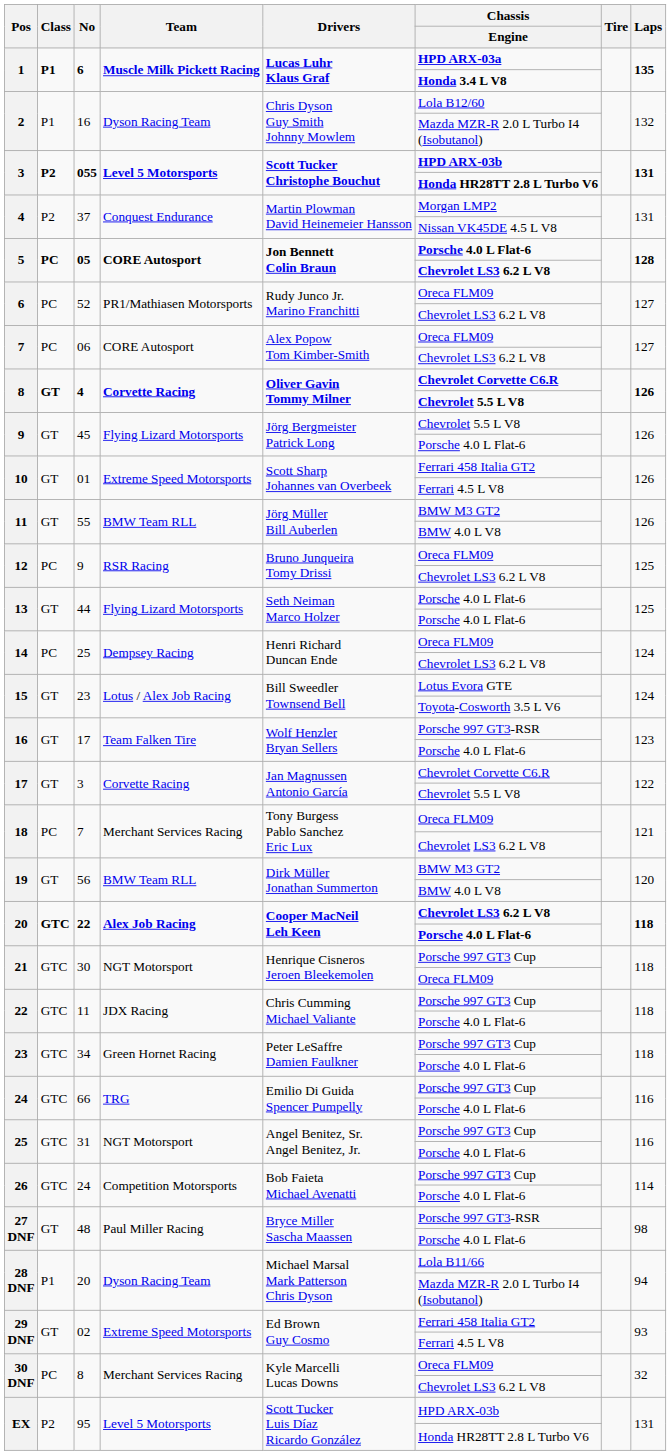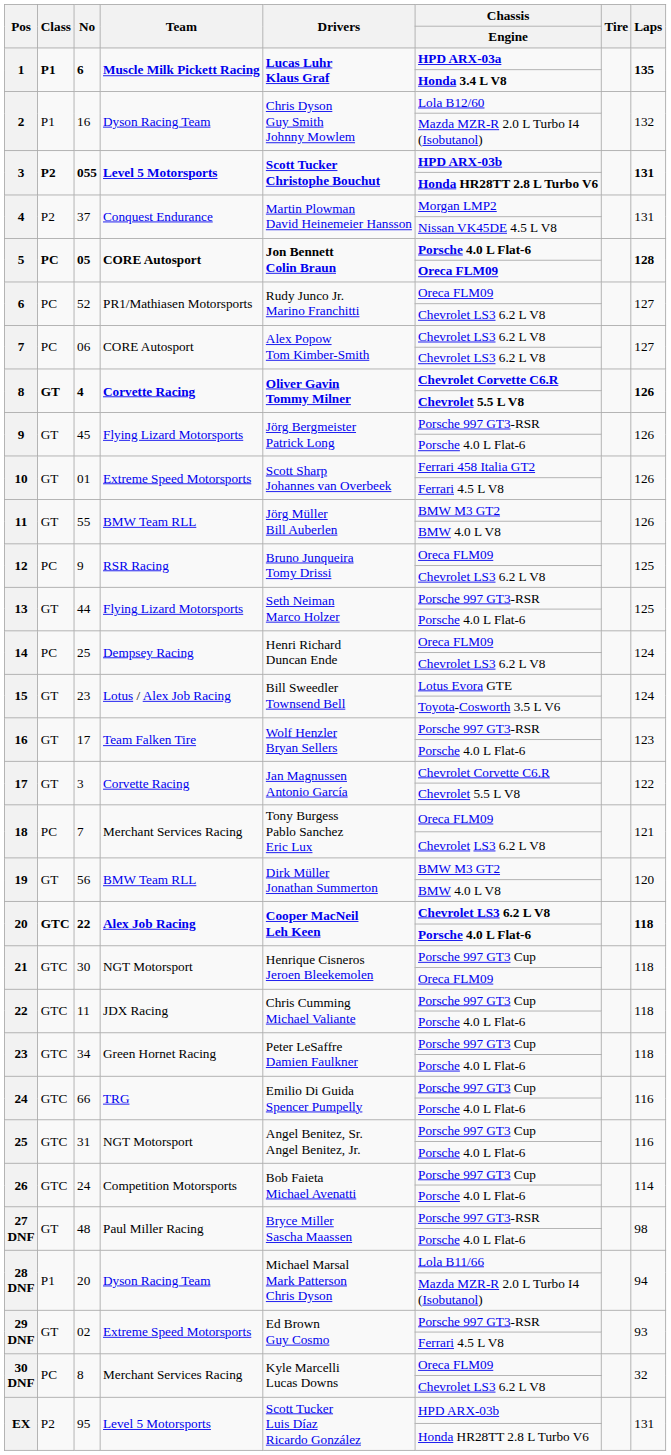 <table class="wikitable" style="font-size: 95%;">
 <tr>
 <th rowspan=2>Pos</th>
 <th rowspan=2>Class</th>
 <th rowspan=2>No</th>
 <th rowspan=2>Team</th>
 <th rowspan=2>Drivers</th>
 <th>Chassis</th>
 <th rowspan=2>Tire</th>
 <th rowspan=2>Laps</th>
 </tr>
 <tr>
 <th>Engine</th>
 </tr>
 <tr style="font-weight:bold">
 <th rowspan=2>1</th>
 <td rowspan=2>P1</td>
 <td rowspan=2>6</td>
 <td rowspan=2> <a href='#'>Muscle Milk Pickett Racing</a></td>
 <td rowspan=2> <a href='#'>Lucas Luhr</a><br> <a href='#'>Klaus Graf</a></td>
 <td><a href='#'>HPD ARX-03a</a></td>
 <td rowspan=2></td>
 <td rowspan=2>135</td>
 </tr>
 <tr style="font-weight:bold">
 <td><a href='#'>Honda</a> 3.4 L V8</td>
 </tr>
 <tr>
 <th rowspan=2>2</th>
 <td rowspan=2>P1</td>
 <td rowspan=2>16</td>
 <td rowspan=2> <a href='#'>Dyson Racing Team</a></td>
 <td rowspan=2> <a href='#'>Chris Dyson</a><br> <a href='#'>Guy Smith</a><br>  <a href='#'>Johnny Mowlem</a></td>
 <td><a href='#'>Lola B12/60</a></td>
 <td rowspan=2></td>
 <td rowspan=2>132</td>
 </tr>
 <tr>
 <td><a href='#'>Mazda MZR-R</a> 2.0 L Turbo I4<br>(<a href='#'>Isobutanol</a>)</td>
 </tr>
 <tr style="font-weight:bold">
 <th rowspan=2>3</th>
 <td rowspan=2>P2</td>
 <td rowspan=2>055</td>
 <td rowspan=2> <a href='#'>Level 5 Motorsports</a></td>
 <td rowspan=2> <a href='#'>Scott Tucker</a><br> <a href='#'>Christophe Bouchut</a></td>
 <td><a href='#'>HPD ARX-03b</a></td>
 <td rowspan=2></td>
 <td rowspan=2>131</td>
 </tr>
 <tr style="font-weight:bold">
 <td><a href='#'>Honda</a> HR28TT 2.8 L Turbo V6</td>
 </tr>
 <tr>
 <th rowspan=2>4</th>
 <td rowspan=2>P2</td>
 <td rowspan=2>37</td>
 <td rowspan=2> <a href='#'>Conquest Endurance</a></td>
 <td rowspan=2> <a href='#'>Martin Plowman</a><br> <a href='#'>David Heinemeier Hansson</a></td>
 <td><a href='#'>Morgan LMP2</a></td>
 <td rowspan=2></td>
 <td rowspan=2>131</td>
 </tr>
 <tr>
 <td><a href='#'>Nissan VK45DE</a> 4.5 L V8</td>
 </tr>
 <tr style="font-weight:bold">
 <th rowspan=2>5</th>
 <td rowspan=2>PC</td>
 <td rowspan=2>05</td>
 <td rowspan=2> CORE Autosport</td>
 <td rowspan=2> Jon Bennett<br> <a href='#'>Colin Braun</a></td>
 <td><a href='#'>Porsche</a> 4.0 L Flat-6</td>
 <td rowspan=2></td>
 <td rowspan=2>128</td>
 </tr>
 <tr style="font-weight:bold">
-<td><a href='#'>Chevrolet LS3</a> 6.2 L V8</td>
+<td><a href='#'>Oreca FLM09</a></td>
 </tr>
 <tr>
 <th rowspan=2>6</th>
 <td rowspan=2>PC</td>
 <td rowspan=2>52</td>
 <td rowspan=2> PR1/Mathiasen Motorsports</td>
 <td rowspan=2> Rudy Junco Jr.<br> <a href='#'>Marino Franchitti</a></td>
 <td><a href='#'>Oreca FLM09</a></td>
 <td rowspan=2></td>
 <td rowspan=2>127</td>
 </tr>
 <tr>
 <td><a href='#'>Chevrolet LS3</a> 6.2 L V8</td>
 </tr>
 <tr>
 <th rowspan=2>7</th>
 <td rowspan=2>PC</td>
 <td rowspan=2>06</td>
 <td rowspan=2> CORE Autosport</td>
 <td rowspan=2> <a href='#'>Alex Popow</a><br> <a href='#'>Tom Kimber-Smith</a></td>
-<td><a href='#'>Oreca FLM09</a></td>
+<td><a href='#'>Chevrolet LS3</a> 6.2 L V8</td>
 <td rowspan=2></td>
 <td rowspan=2>127</td>
 </tr>
 <tr>
 <td><a href='#'>Chevrolet LS3</a> 6.2 L V8</td>
 </tr>
 <tr style="font-weight:bold">
 <th rowspan=2>8</th>
 <td rowspan=2>GT</td>
 <td rowspan=2>4</td>
 <td rowspan=2> <a href='#'>Corvette Racing</a></td>
 <td rowspan=2> <a href='#'>Oliver Gavin</a><br> <a href='#'>Tommy Milner</a></td>
 <td><a href='#'>Chevrolet Corvette C6.R</a></td>
 <td rowspan=2></td>
 <td rowspan=2>126</td>
 </tr>
 <tr style="font-weight:bold">
 <td><a href='#'>Chevrolet</a> 5.5 L V8</td>
 </tr>
 <tr>
 <th rowspan=2>9</th>
 <td rowspan=2>GT</td>
 <td rowspan=2>45</td>
 <td rowspan=2> <a href='#'>Flying Lizard Motorsports</a></td>
 <td rowspan=2> <a href='#'>Jörg Bergmeister</a><br> <a href='#'>Patrick Long</a></td>
-<td><a href='#'>Chevrolet</a> 5.5 L V8</td>
+<td><a href='#'>Porsche 997 GT3</a>-RSR</td>
 <td rowspan=2></td>
 <td rowspan=2>126</td>
 </tr>
 <tr>
 <td><a href='#'>Porsche</a> 4.0 L Flat-6</td>
 </tr>
 <tr>
 <th rowspan=2>10</th>
 <td rowspan=2>GT</td>
 <td rowspan=2>01</td>
 <td rowspan=2> <a href='#'>Extreme Speed Motorsports</a></td>
 <td rowspan=2> <a href='#'>Scott Sharp</a><br> <a href='#'>Johannes van Overbeek</a></td>
 <td><a href='#'>Ferrari 458 Italia GT2</a></td>
 <td rowspan=2></td>
 <td rowspan=2>126</td>
 </tr>
 <tr>
 <td><a href='#'>Ferrari</a> 4.5 L V8</td>
 </tr>
 <tr>
 <th rowspan=2>11</th>
 <td rowspan=2>GT</td>
 <td rowspan=2>55</td>
 <td rowspan=2> <a href='#'>BMW Team RLL</a></td>
 <td rowspan=2> <a href='#'>Jörg Müller</a><br> <a href='#'>Bill Auberlen</a></td>
 <td><a href='#'>BMW M3 GT2</a></td>
 <td rowspan=2></td>
 <td rowspan=2>126</td>
 </tr>
 <tr>
 <td><a href='#'>BMW</a> 4.0 L V8</td>
 </tr>
 <tr>
 <th rowspan=2>12</th>
 <td rowspan=2>PC</td>
 <td rowspan=2>9</td>
 <td rowspan=2> <a href='#'>RSR Racing</a></td>
 <td rowspan=2> <a href='#'>Bruno Junqueira</a><br> <a href='#'>Tomy Drissi</a></td>
 <td><a href='#'>Oreca FLM09</a></td>
 <td rowspan=2></td>
 <td rowspan=2>125</td>
 </tr>
 <tr>
 <td><a href='#'>Chevrolet LS3</a> 6.2 L V8</td>
 </tr>
 <tr>
 <th rowspan=2>13</th>
 <td rowspan=2>GT</td>
 <td rowspan=2>44</td>
 <td rowspan=2> <a href='#'>Flying Lizard Motorsports</a></td>
 <td rowspan=2> <a href='#'>Seth Neiman</a><br> <a href='#'>Marco Holzer</a></td>
-<td><a href='#'>Porsche</a> 4.0 L Flat-6</td>
+<td><a href='#'>Porsche 997 GT3</a>-RSR</td>
 <td rowspan=2></td>
 <td rowspan=2>125</td>
 </tr>
 <tr>
 <td><a href='#'>Porsche</a> 4.0 L Flat-6</td>
 </tr>
 <tr>
 <th rowspan=2>14</th>
 <td rowspan=2>PC</td>
 <td rowspan=2>25</td>
 <td rowspan=2> <a href='#'>Dempsey Racing</a></td>
 <td rowspan=2> Henri Richard<br> Duncan Ende</td>
 <td><a href='#'>Oreca FLM09</a></td>
 <td rowspan=2></td>
 <td rowspan=2>124</td>
 </tr>
 <tr>
 <td><a href='#'>Chevrolet LS3</a> 6.2 L V8</td>
 </tr>
 <tr>
 <th rowspan=2>15</th>
 <td rowspan=2>GT</td>
 <td rowspan=2>23</td>
 <td rowspan=2> <a href='#'>Lotus</a> / <a href='#'>Alex Job Racing</a></td>
 <td rowspan=2> Bill Sweedler<br> <a href='#'>Townsend Bell</a></td>
 <td><a href='#'>Lotus Evora</a> GTE</td>
 <td rowspan=2></td>
 <td rowspan=2>124</td>
 </tr>
 <tr>
 <td><a href='#'>Toyota</a>-<a href='#'>Cosworth</a> 3.5 L V6</td>
 </tr>
 <tr>
 <th rowspan=2>16</th>
 <td rowspan=2>GT</td>
 <td rowspan=2>17</td>
 <td rowspan=2> <a href='#'>Team Falken Tire</a></td>
 <td rowspan=2> <a href='#'>Wolf Henzler</a><br> <a href='#'>Bryan Sellers</a></td>
 <td><a href='#'>Porsche 997 GT3</a>-RSR</td>
 <td rowspan=2></td>
 <td rowspan=2>123</td>
 </tr>
 <tr>
 <td><a href='#'>Porsche</a> 4.0 L Flat-6</td>
 </tr>
 <tr>
 <th rowspan=2>17</th>
 <td rowspan=2>GT</td>
 <td rowspan=2>3</td>
 <td rowspan=2> <a href='#'>Corvette Racing</a></td>
 <td rowspan=2> <a href='#'>Jan Magnussen</a><br> <a href='#'>Antonio García</a></td>
 <td><a href='#'>Chevrolet Corvette C6.R</a></td>
 <td rowspan=2></td>
 <td rowspan=2>122</td>
 </tr>
 <tr>
 <td><a href='#'>Chevrolet</a> 5.5 L V8</td>
 </tr>
 <tr>
 <th rowspan=2>18</th>
 <td rowspan=2>PC</td>
 <td rowspan=2>7</td>
 <td rowspan=2> Merchant Services Racing</td>
 <td rowspan=2> Tony Burgess<br> Pablo Sanchez<br> <a href='#'>Eric Lux</a></td>
 <td><a href='#'>Oreca FLM09</a></td>
 <td rowspan=2></td>
 <td rowspan=2>121</td>
 </tr>
 <tr>
 <td><a href='#'>Chevrolet</a> <a href='#'>LS3</a> 6.2 L V8</td>
 </tr>
 <tr>
 <th rowspan=2>19</th>
 <td rowspan=2>GT</td>
 <td rowspan=2>56</td>
 <td rowspan=2> <a href='#'>BMW Team RLL</a></td>
 <td rowspan=2> <a href='#'>Dirk Müller</a><br>  <a href='#'>Jonathan Summerton</a></td>
 <td><a href='#'>BMW M3 GT2</a></td>
 <td rowspan=2></td>
 <td rowspan=2>120</td>
 </tr>
 <tr>
 <td><a href='#'>BMW</a> 4.0 L V8</td>
 </tr>
 <tr style="font-weight:bold">
 <th rowspan=2>20</th>
 <td rowspan=2>GTC</td>
 <td rowspan=2>22</td>
 <td rowspan=2> <a href='#'>Alex Job Racing</a></td>
 <td rowspan=2> <a href='#'>Cooper MacNeil</a><br> <a href='#'>Leh Keen</a></td>
 <td><a href='#'>Chevrolet LS3</a> 6.2 L V8</td>
 <td rowspan=2></td>
 <td rowspan=2>118</td>
 </tr>
 <tr style="font-weight:bold">
 <td><a href='#'>Porsche</a> 4.0 L Flat-6</td>
 </tr>
 <tr>
 <th rowspan=2>21</th>
 <td rowspan=2>GTC</td>
 <td rowspan=2>30</td>
 <td rowspan=2> NGT Motorsport</td>
 <td rowspan=2> Henrique Cisneros<br> <a href='#'>Jeroen Bleekemolen</a></td>
 <td><a href='#'>Porsche 997 GT3</a> Cup</td>
 <td rowspan=2></td>
 <td rowspan=2>118</td>
 </tr>
 <tr>
 <td><a href='#'>Oreca FLM09</a></td>
 </tr>
 <tr>
 <th rowspan=2>22</th>
 <td rowspan=2>GTC</td>
 <td rowspan=2>11</td>
 <td rowspan=2> JDX Racing</td>
 <td rowspan=2> Chris Cumming<br> <a href='#'>Michael Valiante</a></td>
 <td><a href='#'>Porsche 997 GT3</a> Cup</td>
 <td rowspan=2></td>
 <td rowspan=2>118</td>
 </tr>
 <tr>
 <td><a href='#'>Porsche</a> 4.0 L Flat-6</td>
 </tr>
 <tr>
 <th rowspan=2>23</th>
 <td rowspan=2>GTC</td>
 <td rowspan=2>34</td>
 <td rowspan=2> Green Hornet Racing</td>
 <td rowspan=2> Peter LeSaffre<br> <a href='#'>Damien Faulkner</a></td>
 <td><a href='#'>Porsche 997 GT3</a> Cup</td>
 <td rowspan=2></td>
 <td rowspan=2>118</td>
 </tr>
 <tr>
 <td><a href='#'>Porsche</a> 4.0 L Flat-6</td>
 </tr>
 <tr>
 <th rowspan=2>24</th>
 <td rowspan=2>GTC</td>
 <td rowspan=2>66</td>
 <td rowspan=2> <a href='#'>TRG</a></td>
 <td rowspan=2> Emilio Di Guida<br> <a href='#'>Spencer Pumpelly</a></td>
 <td><a href='#'>Porsche 997 GT3</a> Cup</td>
 <td rowspan=2></td>
 <td rowspan=2>116</td>
 </tr>
 <tr>
 <td><a href='#'>Porsche</a> 4.0 L Flat-6</td>
 </tr>
 <tr>
 <th rowspan=2>25</th>
 <td rowspan=2>GTC</td>
 <td rowspan=2>31</td>
 <td rowspan=2> NGT Motorsport</td>
 <td rowspan=2> Angel Benitez, Sr.<br> Angel Benitez, Jr.</td>
 <td><a href='#'>Porsche 997 GT3</a> Cup</td>
 <td rowspan=2></td>
 <td rowspan=2>116</td>
 </tr>
 <tr>
 <td><a href='#'>Porsche</a> 4.0 L Flat-6</td>
 </tr>
 <tr>
 <th rowspan=2>26</th>
 <td rowspan=2>GTC</td>
 <td rowspan=2>24</td>
 <td rowspan=2> Competition Motorsports</td>
 <td rowspan=2> Bob Faieta<br> <a href='#'>Michael Avenatti</a></td>
 <td><a href='#'>Porsche 997 GT3</a> Cup</td>
 <td rowspan=2></td>
 <td rowspan=2>114</td>
 </tr>
 <tr>
 <td><a href='#'>Porsche</a> 4.0 L Flat-6</td>
 </tr>
 <tr>
 <th rowspan=2>27<br>DNF</th>
 <td rowspan=2>GT</td>
 <td rowspan=2>48</td>
 <td rowspan=2> Paul Miller Racing</td>
 <td rowspan=2> <a href='#'>Bryce Miller</a><br> <a href='#'>Sascha Maassen</a></td>
 <td><a href='#'>Porsche 997 GT3</a>-RSR</td>
 <td rowspan=2></td>
 <td rowspan=2>98</td>
 </tr>
 <tr>
 <td><a href='#'>Porsche</a> 4.0 L Flat-6</td>
 </tr>
 <tr>
 <th rowspan=2>28<br>DNF</th>
 <td rowspan=2>P1</td>
 <td rowspan=2>20</td>
 <td rowspan=2> <a href='#'>Dyson Racing Team</a></td>
 <td rowspan=2> Michael Marsal<br> <a href='#'>Mark Patterson</a><br> <a href='#'>Chris Dyson</a></td>
 <td><a href='#'>Lola B11/66</a></td>
 <td rowspan=2></td>
 <td rowspan=2>94</td>
 </tr>
 <tr>
 <td><a href='#'>Mazda MZR-R</a> 2.0 L Turbo I4<br>(<a href='#'>Isobutanol</a>)</td>
 </tr>
 <tr>
 <th rowspan=2>29<br>DNF</th>
 <td rowspan=2>GT</td>
 <td rowspan=2>02</td>
 <td rowspan=2> <a href='#'>Extreme Speed Motorsports</a></td>
 <td rowspan=2> Ed Brown<br> <a href='#'>Guy Cosmo</a></td>
-<td><a href='#'>Ferrari 458 Italia GT2</a></td>
+<td><a href='#'>Porsche 997 GT3</a>-RSR</td>
 <td rowspan=2></td>
 <td rowspan=2>93</td>
 </tr>
 <tr>
 <td><a href='#'>Ferrari</a> 4.5 L V8</td>
 </tr>
 <tr>
 <th rowspan=2>30<br>DNF</th>
 <td rowspan=2>PC</td>
 <td rowspan=2>8</td>
 <td rowspan=2> Merchant Services Racing</td>
 <td rowspan=2> Kyle Marcelli<br> Lucas Downs</td>
 <td><a href='#'>Oreca FLM09</a></td>
 <td rowspan=2></td>
 <td rowspan=2>32</td>
 </tr>
 <tr>
 <td><a href='#'>Chevrolet LS3</a> 6.2 L V8</td>
 </tr>
 <tr>
 <th rowspan=2>EX</th>
 <td rowspan=2>P2</td>
 <td rowspan=2>95</td>
 <td rowspan=2> <a href='#'>Level 5 Motorsports</a></td>
 <td rowspan=2> <a href='#'>Scott Tucker</a><br> <a href='#'>Luis Díaz</a><br> <a href='#'>Ricardo González</a></td>
 <td><a href='#'>HPD ARX-03b</a></td>
 <td rowspan=2></td>
 <td rowspan=2>131</td>
 </tr>
 <tr>
 <td><a href='#'>Honda</a> HR28TT 2.8 L Turbo V6</td>
 </tr>
 </table>
